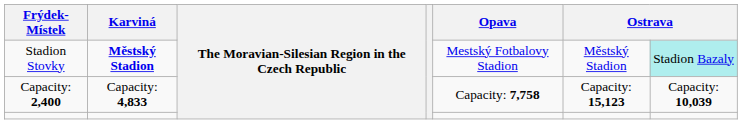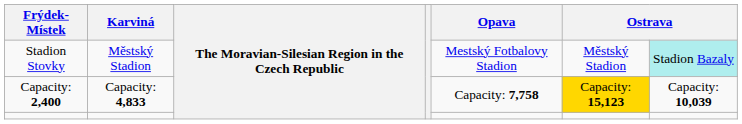 <table class="wikitable" style="margin:1em auto; text-align:center;">
 <tr>
 <th><a href='#'>Frýdek-Místek</a></th>
 <th><a href='#'>Karviná</a></th>
 <th rowspan=6 text-align="center"><br>The Moravian-Silesian Region in the Czech Republic<br><br></th>
 <th rowspan=6 text-align="center"></th>
 <th><a href='#'>Opava</a></th>
 <th colspan=2 text-align="center"><a href='#'>Ostrava</a></th>
 </tr>
 <tr>
 <td>Stadion <a href='#'>Stovky</a></td>
-<td><strong><a href='#'>Městský Stadion</a></strong></td>
+<td><a href='#'>Městský Stadion</a></td>
 <td><a href='#'>Mestský Fotbalovy Stadion</a></td>
 <td><a href='#'>Městský Stadion</a></td>
 <td style="background: paleturquoise;">Stadion <a href='#'>Bazaly</a></td>
 </tr>
 <tr>
 <td>Capacity: <strong>2,400</strong></td>
 <td>Capacity: <strong>4,833</strong></td>
 <td>Capacity: <strong>7,758</strong></td>
-<td>Capacity: <strong>15,123</strong></td>
+<td style="background: gold;">Capacity: <strong>15,123</strong></td>
 <td>Capacity: <strong>10,039</strong></td>
 </tr>
 <tr>
 <td></td>
 <td></td>
 <td></td>
 <td></td>
 <td></td>
 </tr>
 </table>
